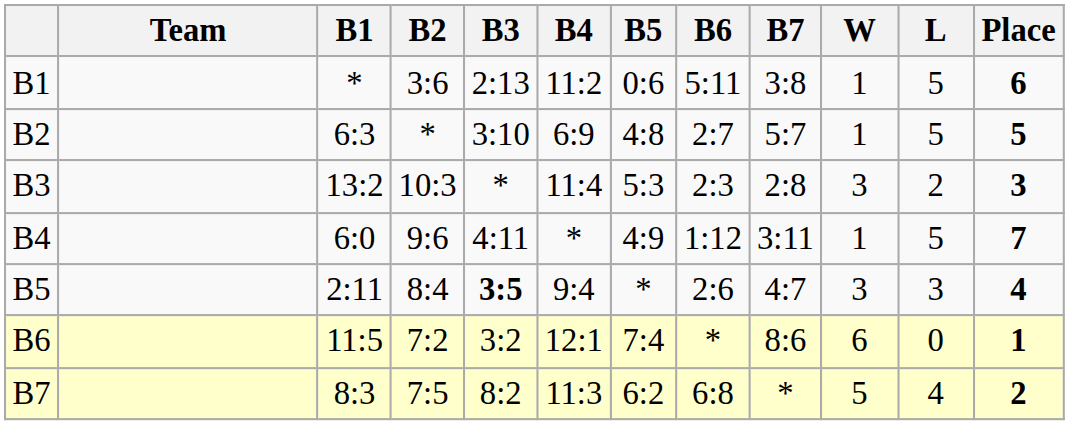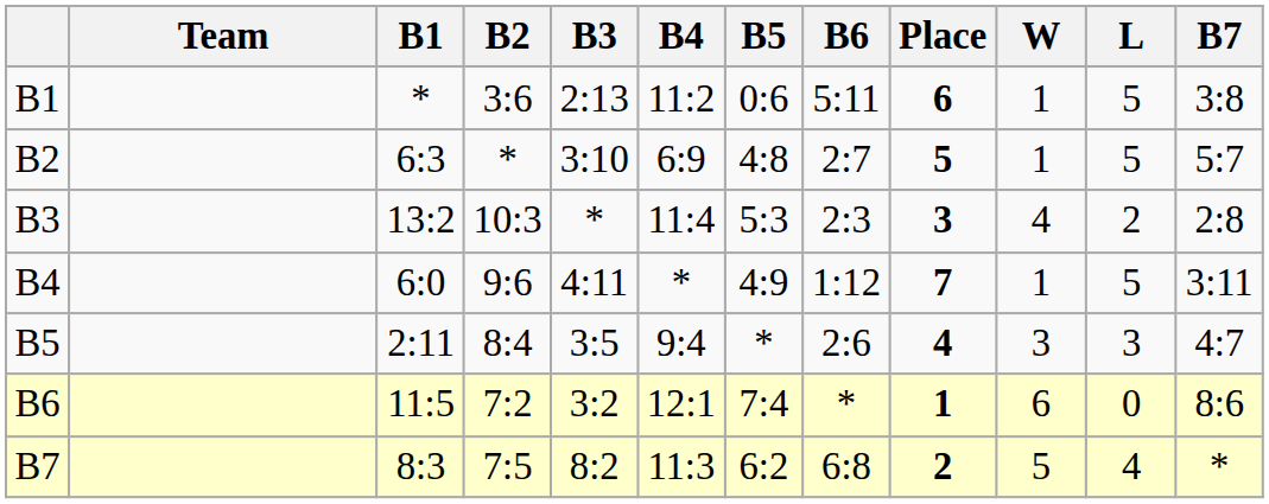 <table class="wikitable" style="text-align:center;">
 <tr>
 <th></th>
 <th width="120">Team</th>
 <th width="25">B1</th>
 <th width="25">B2</th>
 <th width="25">B3</th>
 <th width="25">B4</th>
 <th width="25">B5</th>
 <th width="25">B6</th>
-<th width="25">B7</th>
+<th>Place</th>
 <th width="30">W</th>
 <th width="30">L</th>
-<th>Place</th>
+<th width="25">B7</th>
 </tr>
 <tr>
 <td>B1</td>
 <td align=left></td>
 <td>*</td>
 <td>3:6</td>
 <td>2:13</td>
 <td>11:2</td>
 <td>0:6</td>
 <td>5:11</td>
-<td>3:8</td>
+<td><strong>6</strong></td>
 <td>1</td>
 <td>5</td>
-<td><strong>6</strong></td>
+<td>3:8</td>
 </tr>
 <tr>
 <td>B2</td>
 <td align=left></td>
 <td>6:3</td>
 <td>*</td>
 <td>3:10</td>
 <td>6:9</td>
 <td>4:8</td>
 <td>2:7</td>
-<td>5:7</td>
+<td><strong>5</strong></td>
 <td>1</td>
 <td>5</td>
-<td><strong>5</strong></td>
+<td>5:7</td>
 </tr>
 <tr>
 <td>B3</td>
 <td align=left></td>
 <td>13:2</td>
 <td>10:3</td>
 <td>*</td>
 <td>11:4</td>
 <td>5:3</td>
 <td>2:3</td>
+<td><strong>3</strong></td>
+<td>4</td>
+<td>2</td>
 <td>2:8</td>
-<td>3</td>
-<td>2</td>
-<td><strong>3</strong></td>
 </tr>
 <tr>
 <td>B4</td>
 <td align=left></td>
 <td>6:0</td>
 <td>9:6</td>
 <td>4:11</td>
 <td>*</td>
 <td>4:9</td>
 <td>1:12</td>
-<td>3:11</td>
+<td><strong>7</strong></td>
 <td>1</td>
 <td>5</td>
-<td><strong>7</strong></td>
+<td>3:11</td>
 </tr>
 <tr>
 <td>B5</td>
 <td align=left></td>
 <td>2:11</td>
 <td>8:4</td>
-<td><strong>3:5</strong></td>
+<td>3:5</td>
 <td>9:4</td>
 <td>*</td>
 <td>2:6</td>
-<td>4:7</td>
+<td><strong>4</strong></td>
 <td>3</td>
 <td>3</td>
-<td><strong>4</strong></td>
+<td>4:7</td>
 </tr>
 <tr bgcolor=#ffffcc>
 <td>B6</td>
 <td align=left></td>
 <td>11:5</td>
 <td>7:2</td>
 <td>3:2</td>
 <td>12:1</td>
 <td>7:4</td>
 <td>*</td>
-<td>8:6</td>
+<td><strong>1</strong></td>
 <td>6</td>
 <td>0</td>
-<td><strong>1</strong></td>
+<td>8:6</td>
 </tr>
 <tr bgcolor=#ffffcc>
 <td>B7</td>
 <td align=left></td>
 <td>8:3</td>
 <td>7:5</td>
 <td>8:2</td>
 <td>11:3</td>
 <td>6:2</td>
 <td>6:8</td>
-<td>*</td>
+<td><strong>2</strong></td>
 <td>5</td>
 <td>4</td>
-<td><strong>2</strong></td>
+<td>*</td>
 </tr>
 </table>
